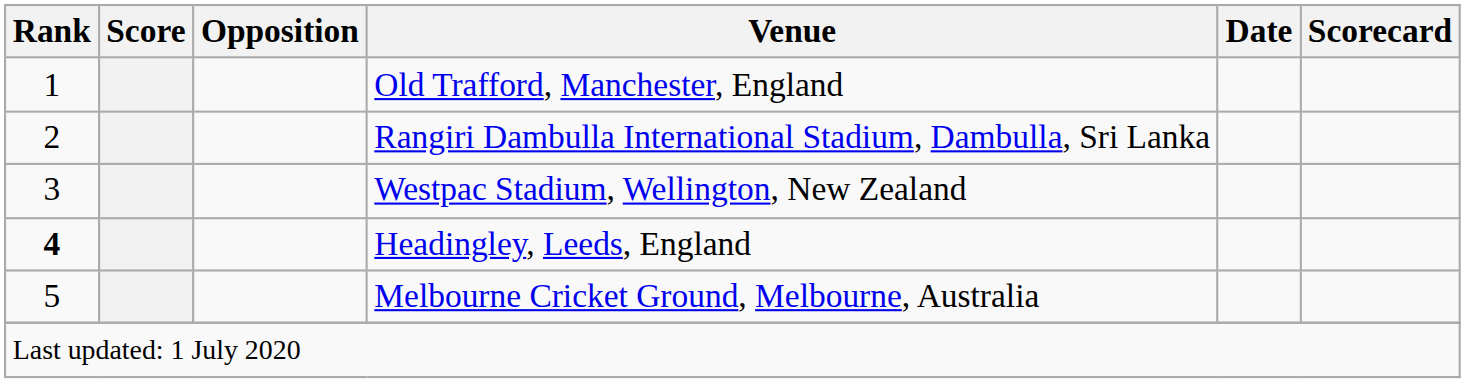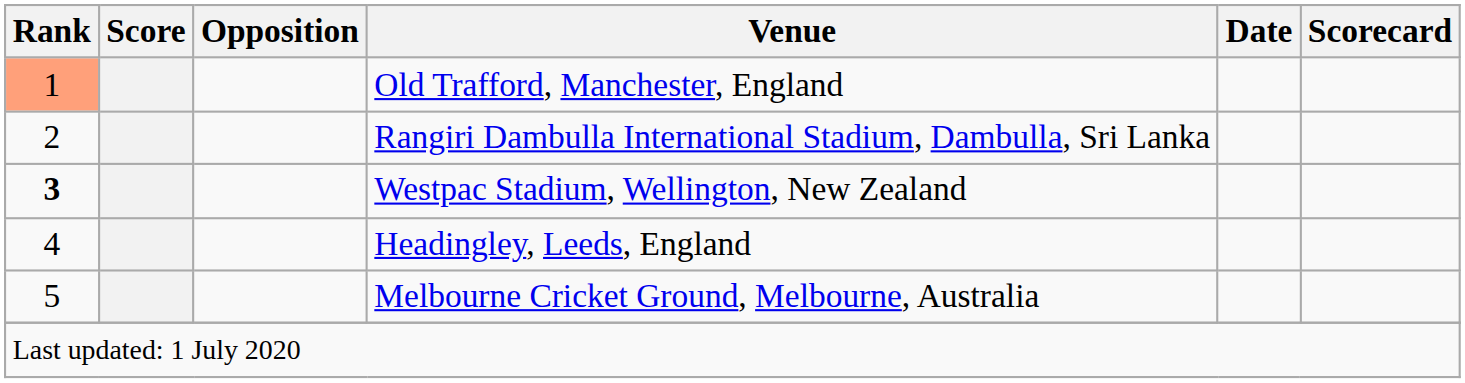 <table class="wikitable plainrowheaders sortable">
 <tr>
 <th scope=col>Rank</th>
 <th scope=col>Score</th>
 <th scope=col>Opposition</th>
 <th scope=col>Venue</th>
 <th scope=col>Date</th>
 <th scope=col>Scorecard</th>
 </tr>
 <tr>
-<td align=center>1</td>
+<td align=center style="background: lightsalmon;">1</td>
 <th scope=row style=text-align:center;></th>
 <td></td>
 <td><a href='#'>Old Trafford</a>, <a href='#'>Manchester</a>, England</td>
 <td></td>
 <td></td>
 </tr>
 <tr>
 <td align=center>2</td>
 <th scope=row style=text-align:center;></th>
 <td></td>
 <td><a href='#'>Rangiri Dambulla International Stadium</a>, <a href='#'>Dambulla</a>, Sri Lanka</td>
 <td></td>
 <td></td>
 </tr>
 <tr>
-<td align=center>3</td>
+<td align=center><strong>3</strong></td>
 <th scope=row style=text-align:center;></th>
 <td></td>
 <td><a href='#'>Westpac Stadium</a>, <a href='#'>Wellington</a>, New Zealand</td>
 <td></td>
 <td></td>
 </tr>
 <tr>
-<td align=center><strong>4</strong></td>
+<td align=center>4</td>
 <th scope=row style=text-align:center;></th>
 <td></td>
 <td><a href='#'>Headingley</a>, <a href='#'>Leeds</a>, England</td>
 <td> </td>
 <td></td>
 </tr>
 <tr>
 <td align=center>5</td>
 <th scope=row style=text-align:center;></th>
 <td></td>
 <td><a href='#'>Melbourne Cricket Ground</a>, <a href='#'>Melbourne</a>, Australia</td>
 <td></td>
 <td></td>
 </tr>
 <tr>
 </tr>
 <tr class=sortbottom>
 <td colspan=6><small>Last updated: 1 July 2020</small></td>
 </tr>
 </table>
